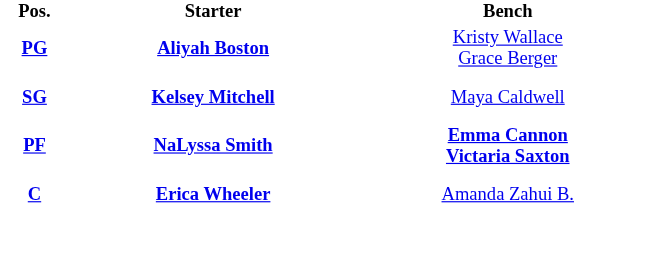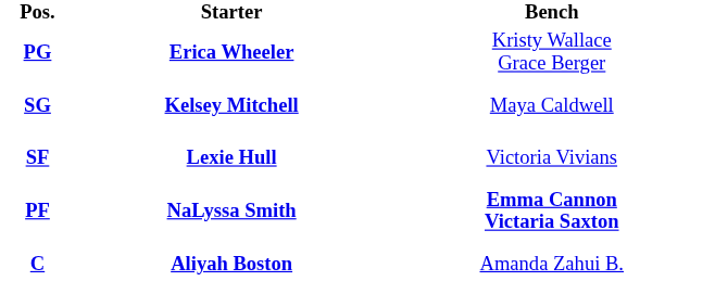 <table style="text-align:center; ">
 <tr>
 <th width="50">Pos.</th>
 <th width="250">Starter</th>
 <th width="250">Bench</th>
 </tr>
 <tr style="height:40px; background:white; color:#092C57">
 <th><a href='#'><span>PG</span></a></th>
-<td><strong><a href='#'>Aliyah Boston</a></strong></td>
+<td><strong><a href='#'>Erica Wheeler</a></strong></td>
 <td><a href='#'>Kristy Wallace</a><br><a href='#'>Grace Berger</a></td>
 </tr>
 <tr style="height:40px; background:white; color:#092C57">
 <th><a href='#'><span>SG</span></a></th>
 <td><strong><a href='#'>Kelsey Mitchell</a></strong></td>
 <td><a href='#'>Maya Caldwell</a></td>
 </tr>
 <tr style="height:40px; background:white; color:#092C57">
+<th><a href='#'><span>SF</span></a></th>
+<td><strong><a href='#'>Lexie Hull</a></strong></td>
+<td><a href='#'>Victoria Vivians</a></td>
+</tr>
+<tr style="height:40px; background:white; color:#092C57">
 <th><a href='#'><span>PF</span></a></th>
 <td><strong><a href='#'>NaLyssa Smith</a></strong></td>
 <td><strong><a href='#'>Emma Cannon</a><br><a href='#'>Victaria Saxton</a></strong></td>
 </tr>
 <tr style="height:40px; background:white; color:#092C57">
 <th><a href='#'><span>C</span></a></th>
-<td><strong><a href='#'>Erica Wheeler</a></strong></td>
+<td><strong><a href='#'>Aliyah Boston</a></strong></td>
 <td><a href='#'>Amanda Zahui B.</a></td>
 </tr>
 </table>
